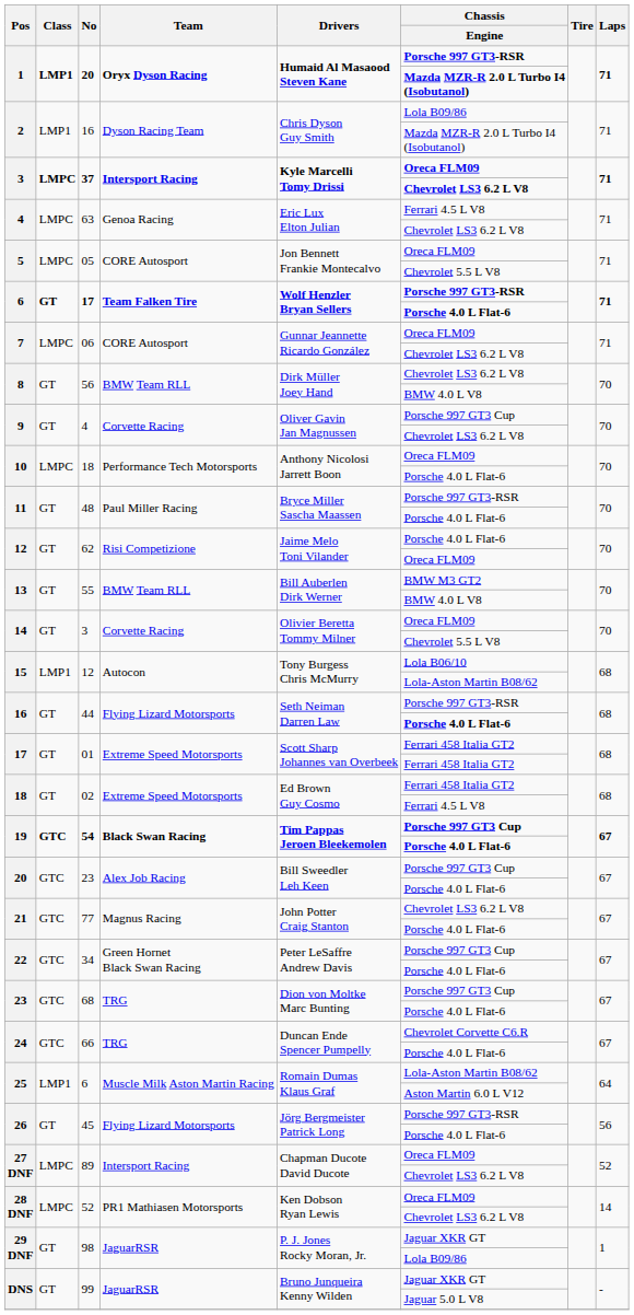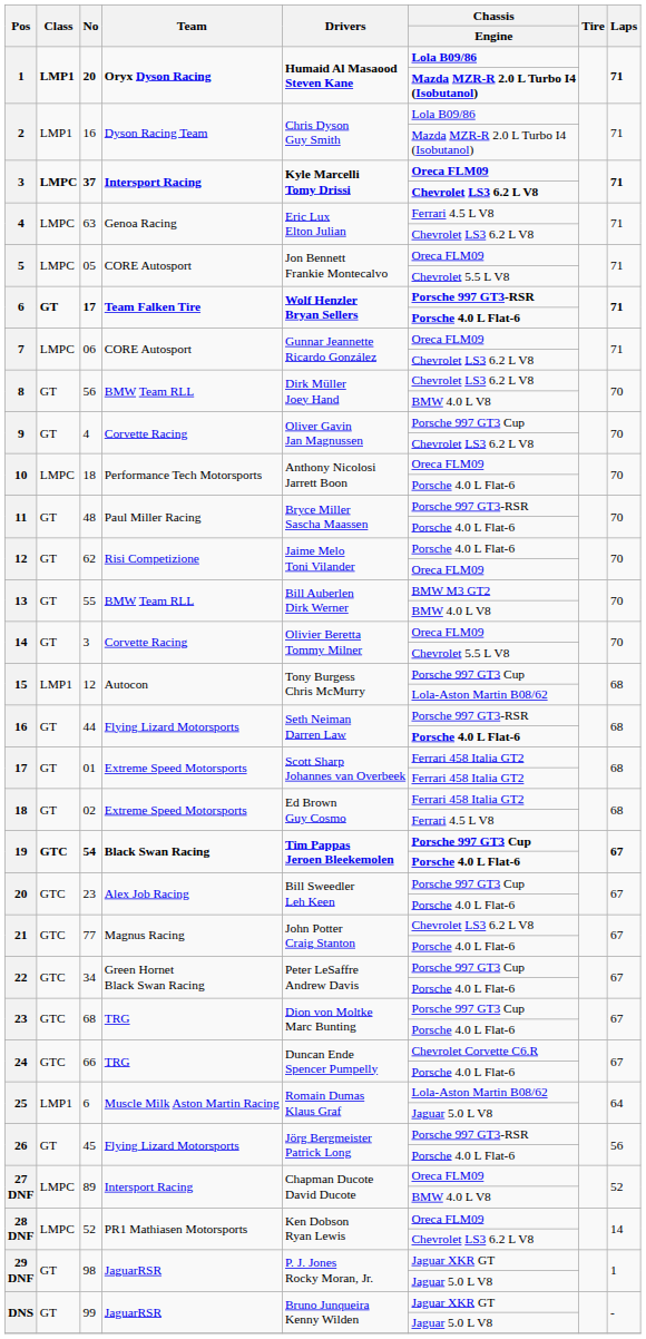 <table class="wikitable" style="font-size: 95%;">
 <tr>
 <th rowspan=2>Pos</th>
 <th rowspan=2>Class</th>
 <th rowspan=2>No</th>
 <th rowspan=2>Team</th>
 <th rowspan=2>Drivers</th>
 <th>Chassis</th>
 <th rowspan=2>Tire</th>
 <th rowspan=2>Laps</th>
 </tr>
 <tr>
 <th>Engine</th>
 </tr>
 <tr style="font-weight:bold">
 <th rowspan=2>1</th>
 <td rowspan=2>LMP1</td>
 <td rowspan=2>20</td>
 <td rowspan=2> Oryx <a href='#'>Dyson Racing</a></td>
 <td rowspan=2> Humaid Al Masaood<br> <a href='#'>Steven Kane</a></td>
-<td><a href='#'>Porsche 997 GT3</a>-RSR</td>
+<td><a href='#'>Lola B09/86</a></td>
 <td rowspan=2></td>
 <td rowspan=2>71</td>
 </tr>
 <tr style="font-weight:bold">
 <td><a href='#'>Mazda</a> <a href='#'>MZR-R</a> 2.0 L Turbo I4<br>(<a href='#'>Isobutanol</a>)</td>
 </tr>
 <tr>
 <th rowspan=2>2</th>
 <td rowspan=2>LMP1</td>
 <td rowspan=2>16</td>
 <td rowspan=2> <a href='#'>Dyson Racing Team</a></td>
 <td rowspan=2> <a href='#'>Chris Dyson</a><br> <a href='#'>Guy Smith</a></td>
 <td><a href='#'>Lola B09/86</a></td>
 <td rowspan=2></td>
 <td rowspan=2>71</td>
 </tr>
 <tr>
 <td><a href='#'>Mazda</a> <a href='#'>MZR-R</a> 2.0 L Turbo I4<br>(<a href='#'>Isobutanol</a>)</td>
 </tr>
 <tr style="font-weight:bold">
 <th rowspan=2>3</th>
 <td rowspan=2>LMPC</td>
 <td rowspan=2>37</td>
 <td rowspan=2> <a href='#'>Intersport Racing</a></td>
 <td rowspan=2> Kyle Marcelli<br> <a href='#'>Tomy Drissi</a></td>
 <td><a href='#'>Oreca FLM09</a></td>
 <td rowspan=2></td>
 <td rowspan=2>71</td>
 </tr>
 <tr style="font-weight:bold">
 <td><a href='#'>Chevrolet</a> <a href='#'>LS3</a> 6.2 L V8</td>
 </tr>
 <tr>
 <th rowspan=2>4</th>
 <td rowspan=2>LMPC</td>
 <td rowspan=2>63</td>
 <td rowspan=2> Genoa Racing</td>
 <td rowspan=2> <a href='#'>Eric Lux</a><br> <a href='#'>Elton Julian</a></td>
 <td><a href='#'>Ferrari</a> 4.5 L V8</td>
 <td rowspan=2></td>
 <td rowspan=2>71</td>
 </tr>
 <tr>
 <td><a href='#'>Chevrolet</a> <a href='#'>LS3</a> 6.2 L V8</td>
 </tr>
 <tr>
 <th rowspan=2>5</th>
 <td rowspan=2>LMPC</td>
 <td rowspan=2>05</td>
 <td rowspan=2> CORE Autosport</td>
 <td rowspan=2> Jon Bennett<br> Frankie Montecalvo</td>
 <td><a href='#'>Oreca FLM09</a></td>
 <td rowspan=2></td>
 <td rowspan=2>71</td>
 </tr>
 <tr>
 <td><a href='#'>Chevrolet</a> 5.5 L V8</td>
 </tr>
 <tr style="font-weight:bold">
 <th rowspan=2>6</th>
 <td rowspan=2>GT</td>
 <td rowspan=2>17</td>
 <td rowspan=2> <a href='#'>Team Falken Tire</a></td>
 <td rowspan=2> <a href='#'>Wolf Henzler</a><br> <a href='#'>Bryan Sellers</a></td>
 <td><a href='#'>Porsche 997 GT3</a>-RSR</td>
 <td rowspan=2></td>
 <td rowspan=2>71</td>
 </tr>
 <tr style="font-weight:bold">
 <td><a href='#'>Porsche</a> 4.0 L Flat-6</td>
 </tr>
 <tr>
 <th rowspan=2>7</th>
 <td rowspan=2>LMPC</td>
 <td rowspan=2>06</td>
 <td rowspan=2> CORE Autosport</td>
 <td rowspan=2> <a href='#'>Gunnar Jeannette</a><br> <a href='#'>Ricardo González</a></td>
 <td><a href='#'>Oreca FLM09</a></td>
 <td rowspan=2></td>
 <td rowspan=2>71</td>
 </tr>
 <tr>
 <td><a href='#'>Chevrolet</a> <a href='#'>LS3</a> 6.2 L V8</td>
 </tr>
 <tr>
 <th rowspan=2>8</th>
 <td rowspan=2>GT</td>
 <td rowspan=2>56</td>
 <td rowspan=2> <a href='#'>BMW</a> <a href='#'>Team RLL</a></td>
 <td rowspan=2> <a href='#'>Dirk Müller</a><br> <a href='#'>Joey Hand</a></td>
 <td><a href='#'>Chevrolet</a> <a href='#'>LS3</a> 6.2 L V8</td>
 <td rowspan=2></td>
 <td rowspan=2>70</td>
 </tr>
 <tr>
 <td><a href='#'>BMW</a> 4.0 L V8</td>
 </tr>
 <tr>
 <th rowspan=2>9</th>
 <td rowspan=2>GT</td>
 <td rowspan=2>4</td>
 <td rowspan=2> <a href='#'>Corvette Racing</a></td>
 <td rowspan=2> <a href='#'>Oliver Gavin</a><br> <a href='#'>Jan Magnussen</a></td>
 <td><a href='#'>Porsche 997 GT3</a> Cup</td>
 <td rowspan=2></td>
 <td rowspan=2>70</td>
 </tr>
 <tr>
 <td><a href='#'>Chevrolet</a> <a href='#'>LS3</a> 6.2 L V8</td>
 </tr>
 <tr>
 <th rowspan=2>10</th>
 <td rowspan=2>LMPC</td>
 <td rowspan=2>18</td>
 <td rowspan=2> Performance Tech Motorsports</td>
 <td rowspan=2> Anthony Nicolosi<br> Jarrett Boon</td>
 <td><a href='#'>Oreca FLM09</a></td>
 <td rowspan=2></td>
 <td rowspan=2>70</td>
 </tr>
 <tr>
 <td><a href='#'>Porsche</a> 4.0 L Flat-6</td>
 </tr>
 <tr>
 <th rowspan=2>11</th>
 <td rowspan=2>GT</td>
 <td rowspan=2>48</td>
 <td rowspan=2> Paul Miller Racing</td>
 <td rowspan=2> <a href='#'>Bryce Miller</a><br> <a href='#'>Sascha Maassen</a></td>
 <td><a href='#'>Porsche 997 GT3</a>-RSR</td>
 <td rowspan=2></td>
 <td rowspan=2>70</td>
 </tr>
 <tr>
 <td><a href='#'>Porsche</a> 4.0 L Flat-6</td>
 </tr>
 <tr>
 <th rowspan=2>12</th>
 <td rowspan=2>GT</td>
 <td rowspan=2>62</td>
 <td rowspan=2> <a href='#'>Risi Competizione</a></td>
 <td rowspan=2> <a href='#'>Jaime Melo</a><br> <a href='#'>Toni Vilander</a></td>
 <td><a href='#'>Porsche</a> 4.0 L Flat-6</td>
 <td rowspan=2></td>
 <td rowspan=2>70</td>
 </tr>
 <tr>
 <td><a href='#'>Oreca FLM09</a></td>
 </tr>
 <tr>
 <th rowspan=2>13</th>
 <td rowspan=2>GT</td>
 <td rowspan=2>55</td>
 <td rowspan=2> <a href='#'>BMW</a> <a href='#'>Team RLL</a></td>
 <td rowspan=2> <a href='#'>Bill Auberlen</a><br> <a href='#'>Dirk Werner</a></td>
 <td><a href='#'>BMW M3 GT2</a></td>
 <td rowspan=2></td>
 <td rowspan=2>70</td>
 </tr>
 <tr>
 <td><a href='#'>BMW</a> 4.0 L V8</td>
 </tr>
 <tr>
 <th rowspan=2>14</th>
 <td rowspan=2>GT</td>
 <td rowspan=2>3</td>
 <td rowspan=2> <a href='#'>Corvette Racing</a></td>
 <td rowspan=2> <a href='#'>Olivier Beretta</a><br> <a href='#'>Tommy Milner</a></td>
 <td><a href='#'>Oreca FLM09</a></td>
 <td rowspan=2></td>
 <td rowspan=2>70</td>
 </tr>
 <tr>
 <td><a href='#'>Chevrolet</a> 5.5 L V8</td>
 </tr>
 <tr>
 <th rowspan=2>15</th>
 <td rowspan=2>LMP1</td>
 <td rowspan=2>12</td>
 <td rowspan=2> Autocon</td>
 <td rowspan=2> Tony Burgess<br> Chris McMurry</td>
-<td><a href='#'>Lola B06/10</a></td>
+<td><a href='#'>Porsche 997 GT3</a> Cup</td>
 <td rowspan=2></td>
 <td rowspan=2>68</td>
 </tr>
 <tr>
 <td><a href='#'>Lola-Aston Martin B08/62</a></td>
 </tr>
 <tr>
 <th rowspan=2>16</th>
 <td rowspan=2>GT</td>
 <td rowspan=2>44</td>
 <td rowspan=2> <a href='#'>Flying Lizard Motorsports</a></td>
 <td rowspan=2> <a href='#'>Seth Neiman</a><br> <a href='#'>Darren Law</a></td>
 <td><a href='#'>Porsche 997 GT3</a>-RSR</td>
 <td rowspan=2></td>
 <td rowspan=2>68</td>
 </tr>
 <tr>
 <td><strong><a href='#'>Porsche</a> 4.0 L Flat-6</strong></td>
 </tr>
 <tr>
 <th rowspan=2>17</th>
 <td rowspan=2>GT</td>
 <td rowspan=2>01</td>
 <td rowspan=2> <a href='#'>Extreme Speed Motorsports</a></td>
 <td rowspan=2> <a href='#'>Scott Sharp</a><br> <a href='#'>Johannes van Overbeek</a></td>
 <td><a href='#'>Ferrari 458 Italia GT2</a></td>
 <td rowspan=2></td>
 <td rowspan=2>68</td>
 </tr>
 <tr>
 <td><a href='#'>Ferrari 458 Italia GT2</a></td>
 </tr>
 <tr>
 <th rowspan=2>18</th>
 <td rowspan=2>GT</td>
 <td rowspan=2>02</td>
 <td rowspan=2> <a href='#'>Extreme Speed Motorsports</a></td>
 <td rowspan=2> Ed Brown<br> <a href='#'>Guy Cosmo</a></td>
 <td><a href='#'>Ferrari 458 Italia GT2</a></td>
 <td rowspan=2></td>
 <td rowspan=2>68</td>
 </tr>
 <tr>
 <td><a href='#'>Ferrari</a> 4.5 L V8</td>
 </tr>
 <tr style="font-weight:bold">
 <th rowspan=2>19</th>
 <td rowspan=2>GTC</td>
 <td rowspan=2>54</td>
 <td rowspan=2> Black Swan Racing</td>
 <td rowspan=2> <a href='#'>Tim Pappas</a><br> <a href='#'>Jeroen Bleekemolen</a></td>
 <td><a href='#'>Porsche 997 GT3</a> Cup</td>
 <td rowspan=2></td>
 <td rowspan=2>67</td>
 </tr>
 <tr style="font-weight:bold">
 <td><a href='#'>Porsche</a> 4.0 L Flat-6</td>
 </tr>
 <tr>
 <th rowspan=2>20</th>
 <td rowspan=2>GTC</td>
 <td rowspan=2>23</td>
 <td rowspan=2> <a href='#'>Alex Job Racing</a></td>
 <td rowspan=2> Bill Sweedler<br> <a href='#'>Leh Keen</a></td>
 <td><a href='#'>Porsche 997 GT3</a> Cup</td>
 <td rowspan=2></td>
 <td rowspan=2>67</td>
 </tr>
 <tr>
 <td><a href='#'>Porsche</a> 4.0 L Flat-6</td>
 </tr>
 <tr>
 <th rowspan=2>21</th>
 <td rowspan=2>GTC</td>
 <td rowspan=2>77</td>
 <td rowspan=2> Magnus Racing</td>
 <td rowspan=2> John Potter<br> <a href='#'>Craig Stanton</a></td>
 <td><a href='#'>Chevrolet</a> <a href='#'>LS3</a> 6.2 L V8</td>
 <td rowspan=2></td>
 <td rowspan=2>67</td>
 </tr>
 <tr>
 <td><a href='#'>Porsche</a> 4.0 L Flat-6</td>
 </tr>
 <tr>
 <th rowspan=2>22</th>
 <td rowspan=2>GTC</td>
 <td rowspan=2>34</td>
 <td rowspan=2> Green Hornet<br> Black Swan Racing</td>
 <td rowspan=2> Peter LeSaffre<br> Andrew Davis</td>
 <td><a href='#'>Porsche 997 GT3</a> Cup</td>
 <td rowspan=2></td>
 <td rowspan=2>67</td>
 </tr>
 <tr>
 <td><a href='#'>Porsche</a> 4.0 L Flat-6</td>
 </tr>
 <tr>
 <th rowspan=2>23</th>
 <td rowspan=2>GTC</td>
 <td rowspan=2>68</td>
 <td rowspan=2> <a href='#'>TRG</a></td>
 <td rowspan=2> <a href='#'>Dion von Moltke</a><br> Marc Bunting</td>
 <td><a href='#'>Porsche 997 GT3</a> Cup</td>
 <td rowspan=2></td>
 <td rowspan=2>67</td>
 </tr>
 <tr>
 <td><a href='#'>Porsche</a> 4.0 L Flat-6</td>
 </tr>
 <tr>
 <th rowspan=2>24</th>
 <td rowspan=2>GTC</td>
 <td rowspan=2>66</td>
 <td rowspan=2> <a href='#'>TRG</a></td>
 <td rowspan=2> Duncan Ende<br> <a href='#'>Spencer Pumpelly</a></td>
 <td><a href='#'>Chevrolet Corvette C6.R</a></td>
 <td rowspan=2></td>
 <td rowspan=2>67</td>
 </tr>
 <tr>
 <td><a href='#'>Porsche</a> 4.0 L Flat-6</td>
 </tr>
 <tr>
 <th rowspan=2>25</th>
 <td rowspan=2>LMP1</td>
 <td rowspan=2>6</td>
 <td rowspan=2> <a href='#'>Muscle Milk</a> <a href='#'>Aston Martin Racing</a></td>
 <td rowspan=2> <a href='#'>Romain Dumas</a><br> <a href='#'>Klaus Graf</a></td>
 <td><a href='#'>Lola-Aston Martin B08/62</a></td>
 <td rowspan=2></td>
 <td rowspan=2>64</td>
 </tr>
 <tr>
-<td><a href='#'>Aston Martin</a> 6.0 L V12</td>
+<td><a href='#'>Jaguar</a> 5.0 L V8</td>
 </tr>
 <tr>
 <th rowspan=2>26</th>
 <td rowspan=2>GT</td>
 <td rowspan=2>45</td>
 <td rowspan=2> <a href='#'>Flying Lizard Motorsports</a></td>
 <td rowspan=2> <a href='#'>Jörg Bergmeister</a><br> <a href='#'>Patrick Long</a></td>
 <td><a href='#'>Porsche 997 GT3</a>-RSR</td>
 <td rowspan=2></td>
 <td rowspan=2>56</td>
 </tr>
 <tr>
 <td><a href='#'>Porsche</a> 4.0 L Flat-6</td>
 </tr>
 <tr>
 <th rowspan=2>27<br>DNF</th>
 <td rowspan=2>LMPC</td>
 <td rowspan=2>89</td>
 <td rowspan=2> <a href='#'>Intersport Racing</a></td>
 <td rowspan=2> Chapman Ducote<br> David Ducote</td>
 <td><a href='#'>Oreca FLM09</a></td>
 <td rowspan=2></td>
 <td rowspan=2>52</td>
 </tr>
 <tr>
-<td><a href='#'>Chevrolet</a> <a href='#'>LS3</a> 6.2 L V8</td>
+<td><a href='#'>BMW</a> 4.0 L V8</td>
 </tr>
 <tr>
 <th rowspan=2>28<br>DNF</th>
 <td rowspan=2>LMPC</td>
 <td rowspan=2>52</td>
 <td rowspan=2> PR1 Mathiasen Motorsports</td>
 <td rowspan=2> Ken Dobson<br> Ryan Lewis</td>
 <td><a href='#'>Oreca FLM09</a></td>
 <td rowspan=2></td>
 <td rowspan=2>14</td>
 </tr>
 <tr>
 <td><a href='#'>Chevrolet</a> <a href='#'>LS3</a> 6.2 L V8</td>
 </tr>
 <tr>
 <th rowspan=2>29<br>DNF</th>
 <td rowspan=2>GT</td>
 <td rowspan=2>98</td>
 <td rowspan=2> <a href='#'>Jaguar</a><a href='#'>RSR</a></td>
 <td rowspan=2> <a href='#'>P. J. Jones</a><br> Rocky Moran, Jr.</td>
 <td><a href='#'>Jaguar XKR</a> GT</td>
 <td rowspan=2></td>
 <td rowspan=2>1</td>
 </tr>
 <tr>
-<td><a href='#'>Lola B09/86</a></td>
+<td><a href='#'>Jaguar</a> 5.0 L V8</td>
 </tr>
 <tr>
 <th rowspan=2>DNS</th>
 <td rowspan=2>GT</td>
 <td rowspan=2>99</td>
 <td rowspan=2> <a href='#'>Jaguar</a><a href='#'>RSR</a></td>
 <td rowspan=2> <a href='#'>Bruno Junqueira</a><br> Kenny Wilden</td>
 <td><a href='#'>Jaguar XKR</a> GT</td>
 <td rowspan=2></td>
 <td rowspan=2>-</td>
 </tr>
 <tr>
 <td><a href='#'>Jaguar</a> 5.0 L V8</td>
 </tr>
 <tr>
 </tr>
 </table>
